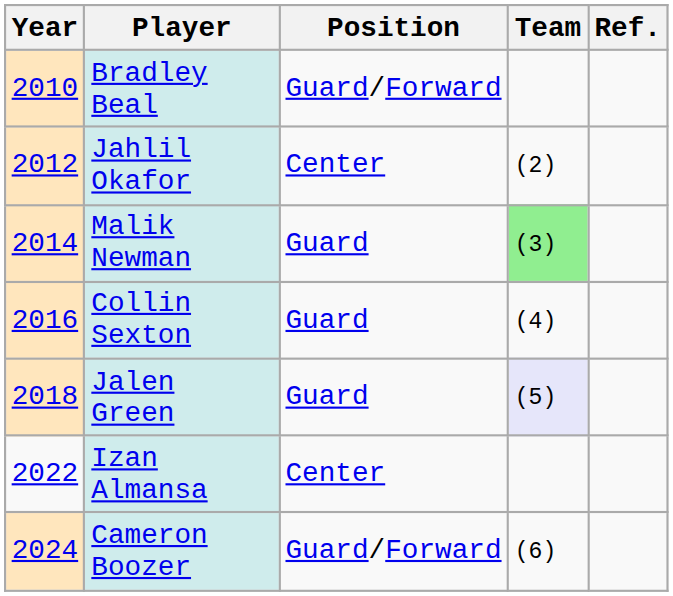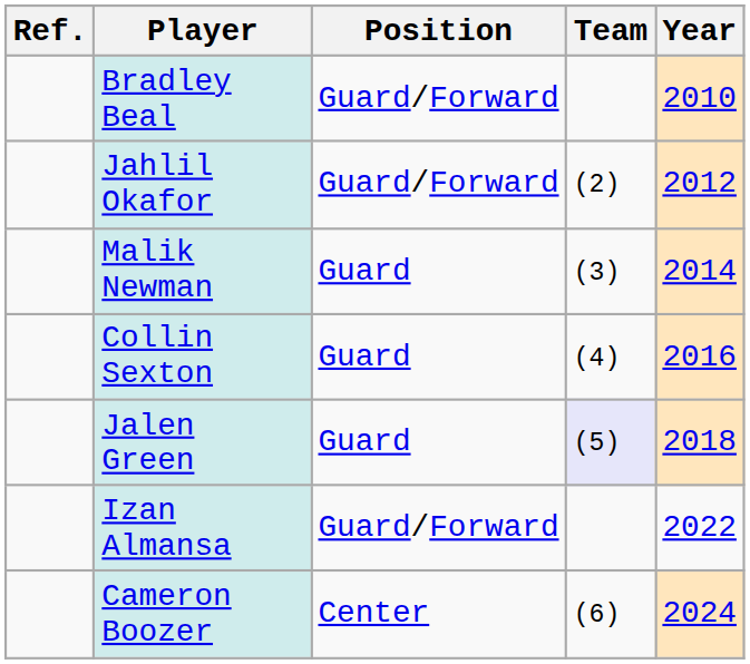 <table class="wikitable plainrowheaders sortable" style="width: 50%; text-align:left" summary="Season (sortable), Player (sortable), Position (sortable), Nationality (sortable) and Team (sortable)">
 <tr>
-<th scope="col">Year</th>
+<th width=5%>Ref.</th>
 <th scope="col">Player</th>
 <th scope="col">Position</th>
 <th scope="col">Team</th>
-<th width=5%>Ref.</th>
+<th scope="col">Year</th>
 </tr>
 <tr>
-<td scope="row" style="background-color:#FFE6BD; text-align: center"><a href='#'>2010</a></td>
+<td></td>
 <td scope="row" style="background-color:#CFECEC"><a href='#'>Bradley Beal</a></td>
 <td><a href='#'>Guard</a>/<a href='#'>Forward</a></td>
 <td align=left></td>
-<td></td>
+<td scope="row" style="background-color:#FFE6BD; text-align: center"><a href='#'>2010</a></td>
 </tr>
 <tr>
+<td></td>
+<td scope="row" style="background-color:#CFECEC"><a href='#'>Jahlil Okafor</a></td>
+<td><a href='#'>Guard</a>/<a href='#'>Forward</a></td>
+<td align=left> <small>(2)</small></td>
 <td scope="row" style="background-color:#FFE6BD; text-align: center"><a href='#'>2012</a></td>
-<td scope="row" style="background-color:#CFECEC"><a href='#'>Jahlil Okafor</a></td>
-<td><a href='#'>Center</a></td>
-<td align=left> <small>(2)</small></td>
-<td></td>
 </tr>
 <tr>
-<td scope="row" style="background-color:#FFE6BD; text-align: center"><a href='#'>2014</a></td>
+<td></td>
 <td scope="row" style="background-color:#CFECEC"><a href='#'>Malik Newman</a></td>
 <td><a href='#'>Guard</a></td>
-<td style="background: lightgreen;"> <small>(3)</small></td>
-<td></td>
+<td> <small>(3)</small></td>
+<td scope="row" style="background-color:#FFE6BD; text-align: center"><a href='#'>2014</a></td>
 </tr>
 <tr>
-<td scope="row" style="background-color:#FFE6BD; text-align: center"><a href='#'>2016</a></td>
+<td></td>
 <td scope="row" style="background-color:#CFECEC"><a href='#'>Collin Sexton</a></td>
 <td><a href='#'>Guard</a></td>
 <td> <small>(4)</small></td>
-<td></td>
+<td scope="row" style="background-color:#FFE6BD; text-align: center"><a href='#'>2016</a></td>
 </tr>
 <tr>
-<td scope="row" style="background-color:#FFE6BD; text-align: center"><a href='#'>2018</a></td>
+<td></td>
 <td scope="row" style="background-color:#CFECEC"><a href='#'>Jalen Green</a></td>
 <td><a href='#'>Guard</a></td>
 <td style="background: lavender;"> <small>(5)</small></td>
-<td></td>
+<td scope="row" style="background-color:#FFE6BD; text-align: center"><a href='#'>2018</a></td>
 </tr>
 <tr>
+<td></td>
+<td scope="row" style="background-color:#CFECEC"><a href='#'>Izan Almansa</a></td>
+<td><a href='#'>Guard</a>/<a href='#'>Forward</a></td>
+<td></td>
 <td scope="row" style="text-align: center"><a href='#'>2022</a></td>
-<td scope="row" style="background-color:#CFECEC"><a href='#'>Izan Almansa</a></td>
-<td><a href='#'>Center</a></td>
-<td></td>
-<td></td>
 </tr>
 <tr>
+<td></td>
+<td scope="row" style="background-color:#CFECEC"><a href='#'>Cameron Boozer</a></td>
+<td><a href='#'>Center</a></td>
+<td> <small>(6)</small></td>
 <td scope="row" style="background-color:#FFE6BD; text-align: center"><a href='#'>2024</a></td>
-<td scope="row" style="background-color:#CFECEC"><a href='#'>Cameron Boozer</a></td>
-<td><a href='#'>Guard</a>/<a href='#'>Forward</a></td>
-<td> <small>(6)</small></td>
-<td></td>
 </tr>
 </table>
